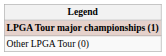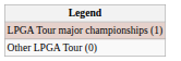 <table class="wikitable" style="font-size:95%;">
 <tr>
 <th>Legend</th>
 </tr>
 <tr style="background:#e5d1cb;">
-<td><strong>LPGA Tour major championships (1)</strong></td>
+<td>LPGA Tour major championships (1)</td>
 </tr>
 <tr>
 <td>Other LPGA Tour (0)</td>
 </tr>
 </table>
